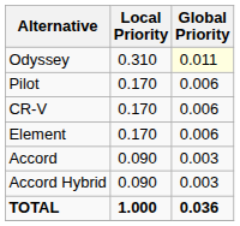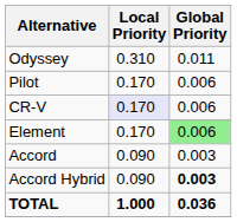 <table class="wikitable" | align="center">
 <tr>
 <th>Alternative</th>
 <th>Local<br>Priority</th>
 <th>Global<br>Priority</th>
 </tr>
 <tr>
 <td>Odyssey</td>
 <td> 0.310</td>
-<td style="background: lightyellow;"> 0.011</td>
+<td> 0.011</td>
 </tr>
 <tr>
 <td>Pilot</td>
 <td> 0.170</td>
 <td> 0.006</td>
 </tr>
 <tr>
 <td>CR-V</td>
-<td> 0.170</td>
+<td style="background: lavender;"> 0.170</td>
 <td> 0.006</td>
 </tr>
 <tr>
 <td>Element</td>
 <td> 0.170</td>
-<td> 0.006</td>
+<td style="background: lightgreen;"> 0.006</td>
 </tr>
 <tr>
 <td>Accord</td>
 <td> 0.090</td>
 <td> 0.003</td>
 </tr>
 <tr>
 <td>Accord Hybrid</td>
 <td> 0.090</td>
-<td> 0.003</td>
+<td><strong> 0.003</strong></td>
 </tr>
 <tr>
 <td><strong>TOTAL</strong></td>
 <td><strong> 1.000</strong></td>
 <td><strong> 0.036</strong></td>
 </tr>
 <tr>
 </tr>
 </table>
